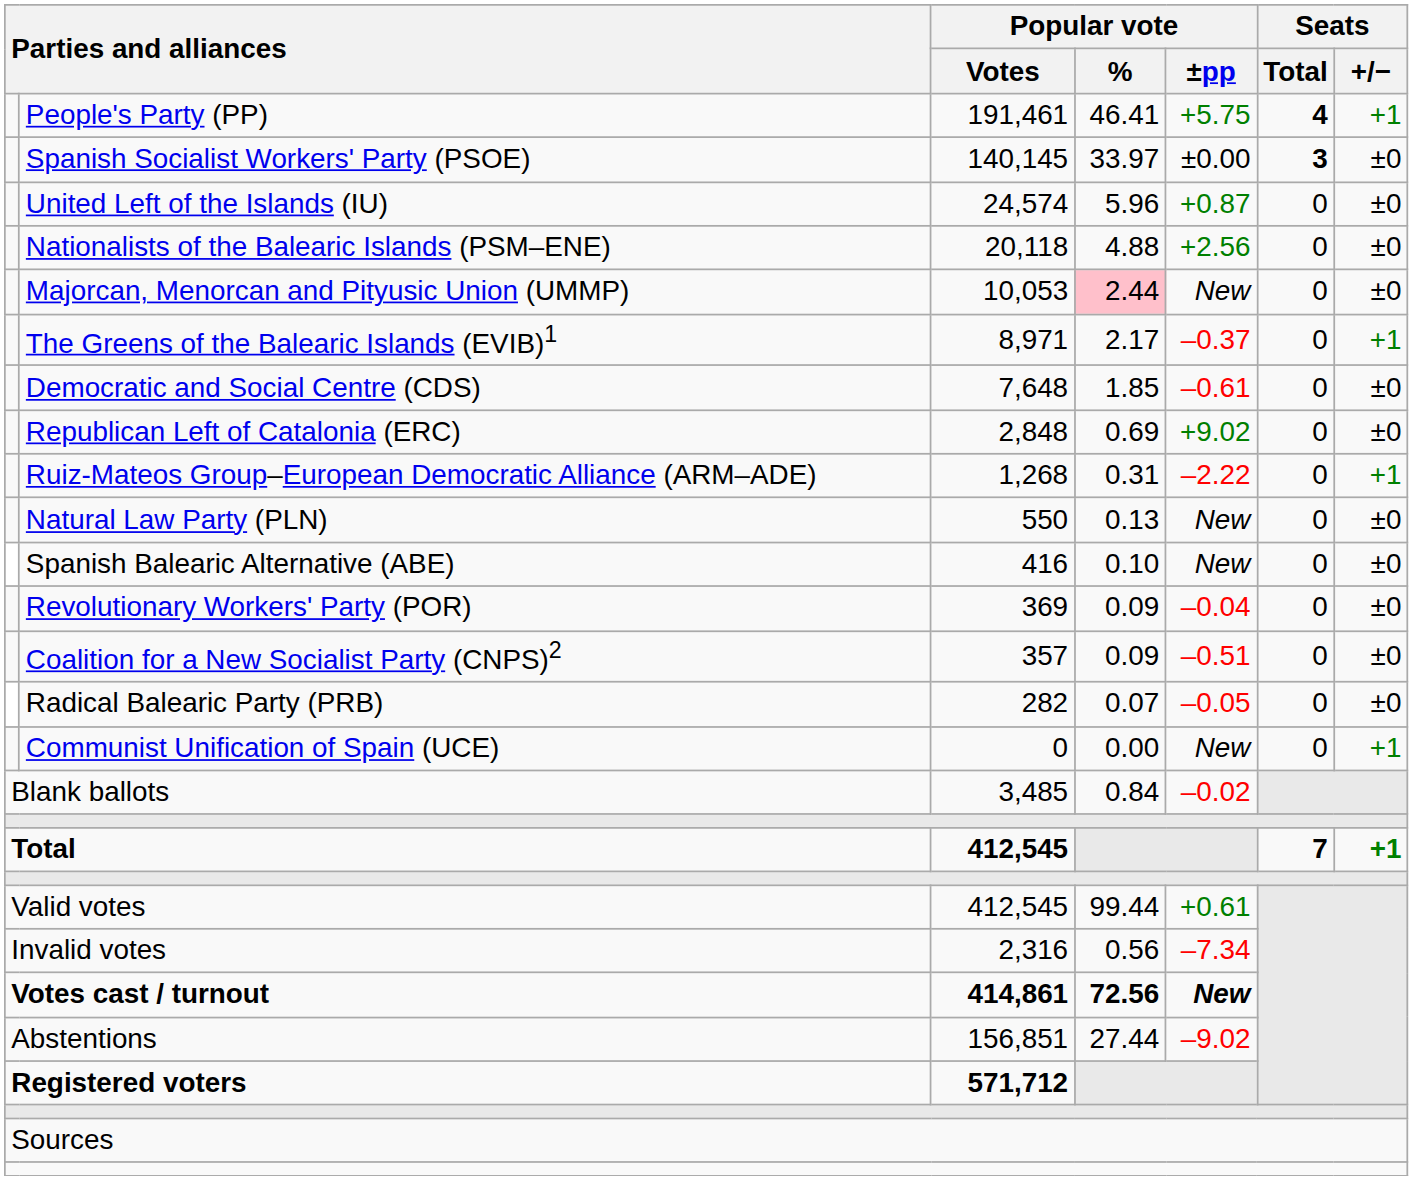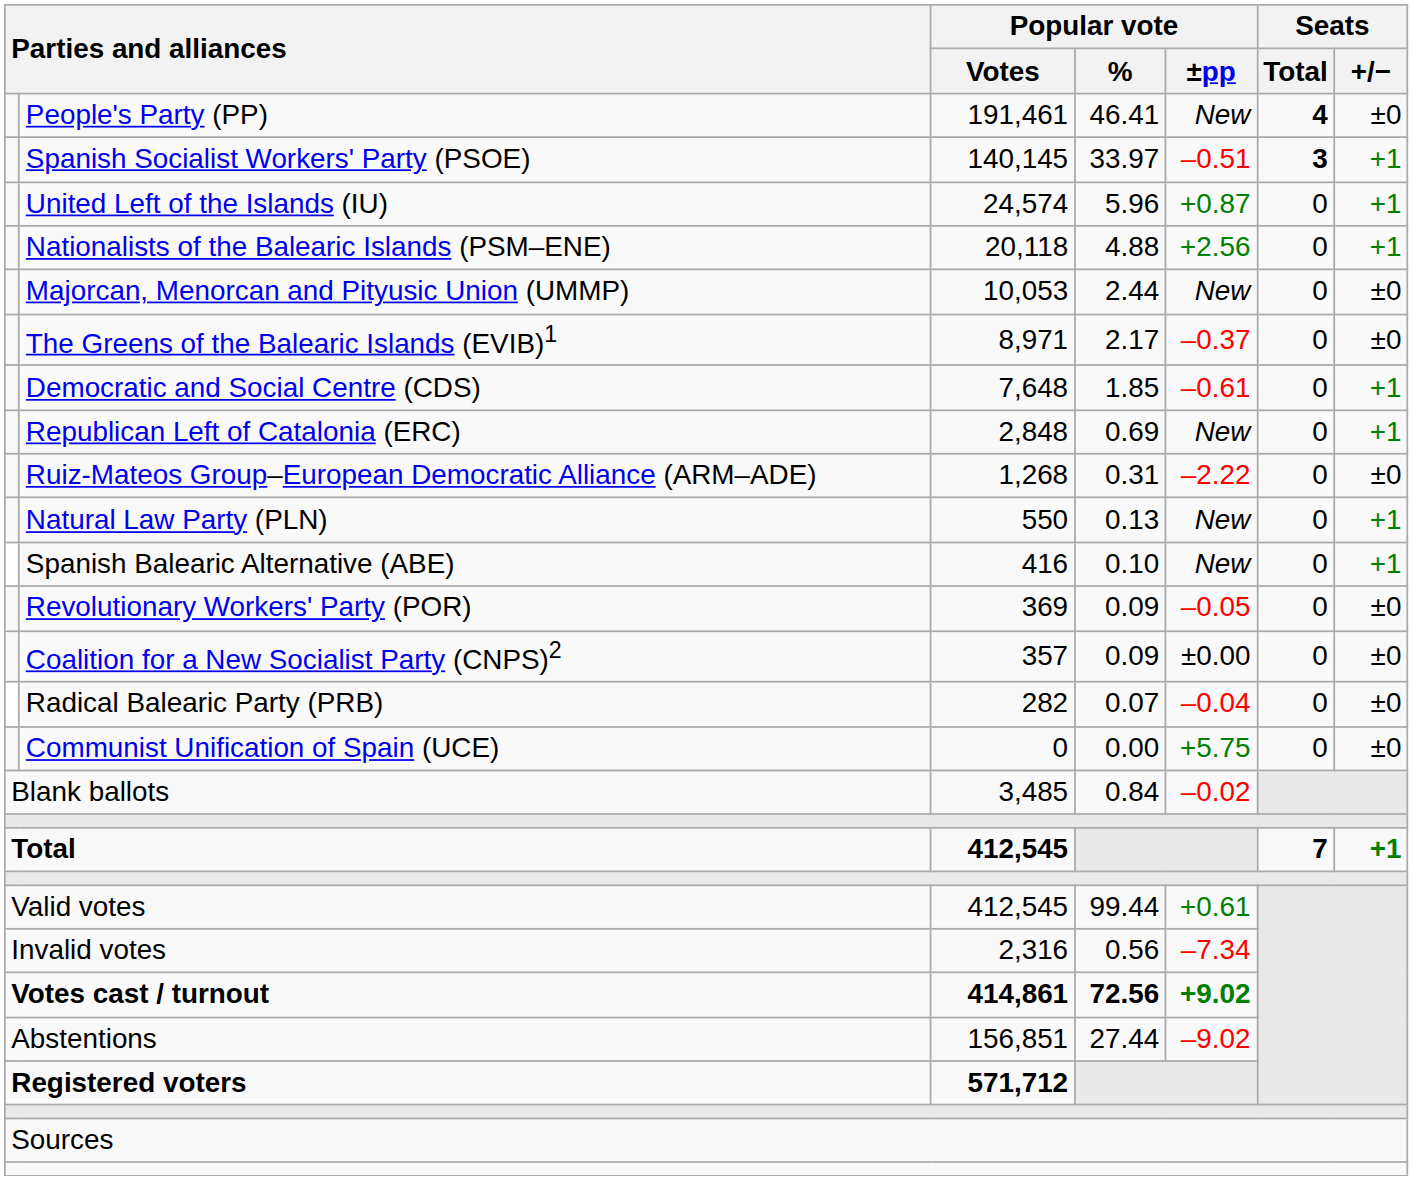 <table class="wikitable" style="text-align:right;">
 <tr>
 <th style="text-align:left;" rowspan="2" colspan="2" width="525">Parties and alliances</th>
 <th colspan="3">Popular vote</th>
 <th colspan="2">Seats</th>
 </tr>
 <tr>
 <th width="75">Votes</th>
 <th width="45">%</th>
 <th width="45">±<a href='#'>pp</a></th>
 <th width="35">Total</th>
 <th width="35">+/−</th>
 </tr>
 <tr>
 <td width="1" style="color:inherit;background:"></td>
 <td align="left"><a href='#'>People's Party</a> (PP)</td>
 <td>191,461</td>
 <td>46.41</td>
-<td style="color:green;">+5.75</td>
+<td><em>New</em></td>
 <td><strong>4</strong></td>
-<td style="color:green;">+1</td>
+<td>±0</td>
 </tr>
 <tr>
 <td style="color:inherit;background:"></td>
 <td align="left"><a href='#'>Spanish Socialist Workers' Party</a> (PSOE)</td>
 <td>140,145</td>
 <td>33.97</td>
-<td>±0.00</td>
+<td style="color:red;">–0.51</td>
 <td><strong>3</strong></td>
-<td>±0</td>
+<td style="color:green;">+1</td>
 </tr>
 <tr>
 <td style="color:inherit;background:"></td>
 <td align="left"><a href='#'>United Left of the Islands</a> (IU)</td>
 <td>24,574</td>
 <td>5.96</td>
 <td style="color:green;">+0.87</td>
 <td>0</td>
-<td>±0</td>
+<td style="color:green;">+1</td>
 </tr>
 <tr>
 <td style="color:inherit;background:"></td>
 <td align="left"><a href='#'>Nationalists of the Balearic Islands</a> (PSM–ENE)</td>
 <td>20,118</td>
 <td>4.88</td>
 <td style="color:green;">+2.56</td>
 <td>0</td>
-<td>±0</td>
+<td style="color:green;">+1</td>
 </tr>
 <tr>
 <td style="color:inherit;background:"></td>
 <td align="left"><a href='#'>Majorcan, Menorcan and Pityusic Union</a> (UMMP)</td>
 <td>10,053</td>
-<td style="background: pink;">2.44</td>
+<td>2.44</td>
 <td><em>New</em></td>
 <td>0</td>
 <td>±0</td>
 </tr>
 <tr>
 <td style="color:inherit;background:"></td>
 <td align="left"><a href='#'>The Greens of the Balearic Islands</a> (EVIB)<sup>1</sup></td>
 <td>8,971</td>
 <td>2.17</td>
 <td style="color:red;">–0.37</td>
 <td>0</td>
-<td style="color:green;">+1</td>
+<td>±0</td>
 </tr>
 <tr>
 <td style="color:inherit;background:"></td>
 <td align="left"><a href='#'>Democratic and Social Centre</a> (CDS)</td>
 <td>7,648</td>
 <td>1.85</td>
 <td style="color:red;">–0.61</td>
 <td>0</td>
-<td>±0</td>
+<td style="color:green;">+1</td>
 </tr>
 <tr>
 <td style="color:inherit;background:"></td>
 <td align="left"><a href='#'>Republican Left of Catalonia</a> (ERC)</td>
 <td>2,848</td>
 <td>0.69</td>
-<td style="color:green;">+9.02</td>
+<td><em>New</em></td>
 <td>0</td>
-<td>±0</td>
+<td style="color:green;">+1</td>
 </tr>
 <tr>
 <td style="color:inherit;background:"></td>
 <td align="left"><a href='#'>Ruiz-Mateos Group</a>–<a href='#'>European Democratic Alliance</a> (ARM–ADE)</td>
 <td>1,268</td>
 <td>0.31</td>
 <td style="color:red;">–2.22</td>
 <td>0</td>
-<td style="color:green;">+1</td>
+<td>±0</td>
 </tr>
 <tr>
 <td style="color:inherit;background:"></td>
 <td align="left"><a href='#'>Natural Law Party</a> (PLN)</td>
 <td>550</td>
 <td>0.13</td>
 <td><em>New</em></td>
 <td>0</td>
-<td>±0</td>
+<td style="color:green;">+1</td>
 </tr>
 <tr>
 <td bgcolor="white"></td>
 <td align="left">Spanish Balearic Alternative (ABE)</td>
 <td>416</td>
 <td>0.10</td>
 <td><em>New</em></td>
 <td>0</td>
-<td>±0</td>
+<td style="color:green;">+1</td>
 </tr>
 <tr>
 <td style="color:inherit;background:"></td>
 <td align="left"><a href='#'>Revolutionary Workers' Party</a> (POR)</td>
 <td>369</td>
 <td>0.09</td>
-<td style="color:red;">–0.04</td>
+<td style="color:red;">–0.05</td>
 <td>0</td>
 <td>±0</td>
 </tr>
 <tr>
 <td style="color:inherit;background:"></td>
 <td align="left"><a href='#'>Coalition for a New Socialist Party</a> (CNPS)<sup>2</sup></td>
 <td>357</td>
 <td>0.09</td>
-<td style="color:red;">–0.51</td>
+<td>±0.00</td>
 <td>0</td>
 <td>±0</td>
 </tr>
 <tr>
 <td bgcolor="white"></td>
 <td align="left">Radical Balearic Party (PRB)</td>
 <td>282</td>
 <td>0.07</td>
-<td style="color:red;">–0.05</td>
+<td style="color:red;">–0.04</td>
 <td>0</td>
 <td>±0</td>
 </tr>
 <tr>
 <td style="color:inherit;background:"></td>
 <td align="left"><a href='#'>Communist Unification of Spain</a> (UCE)</td>
 <td>0</td>
 <td>0.00</td>
-<td><em>New</em></td>
+<td style="color:green;">+5.75</td>
 <td>0</td>
-<td style="color:green;">+1</td>
+<td>±0</td>
 </tr>
 <tr>
 <td align="left" colspan="2">Blank ballots</td>
 <td>3,485</td>
 <td>0.84</td>
 <td style="color:red;">–0.02</td>
 <td bgcolor="#E9E9E9" colspan="2"></td>
 </tr>
 <tr>
 <td colspan="7" bgcolor="#E9E9E9"></td>
 </tr>
 <tr style="font-weight:bold;">
 <td align="left" colspan="2">Total</td>
 <td>412,545</td>
 <td bgcolor="#E9E9E9" colspan="2"></td>
 <td>7</td>
 <td style="color:green;">+1</td>
 </tr>
 <tr>
 <td colspan="7" bgcolor="#E9E9E9"></td>
 </tr>
 <tr>
 <td align="left" colspan="2">Valid votes</td>
 <td>412,545</td>
 <td>99.44</td>
 <td style="color:green;">+0.61</td>
 <td bgcolor="#E9E9E9" colspan="2" rowspan="5"></td>
 </tr>
 <tr>
 <td align="left" colspan="2">Invalid votes</td>
 <td>2,316</td>
 <td>0.56</td>
 <td style="color:red;">–7.34</td>
 </tr>
 <tr style="font-weight:bold;">
 <td align="left" colspan="2">Votes cast / turnout</td>
 <td>414,861</td>
 <td>72.56</td>
-<td><em>New</em></td>
+<td style="color:green;">+9.02</td>
 </tr>
 <tr>
 <td align="left" colspan="2">Abstentions</td>
 <td>156,851</td>
 <td>27.44</td>
 <td style="color:red;">–9.02</td>
 </tr>
 <tr style="font-weight:bold;">
 <td align="left" colspan="2">Registered voters</td>
 <td>571,712</td>
 <td bgcolor="#E9E9E9" colspan="2"></td>
 </tr>
 <tr>
 <td colspan="7" bgcolor="#E9E9E9"></td>
 </tr>
 <tr>
 <td align="left" colspan="7">Sources</td>
 </tr>
 <tr>
 <td colspan="7" style="text-align:left; max-width:790px;"></td>
 </tr>
 </table>
